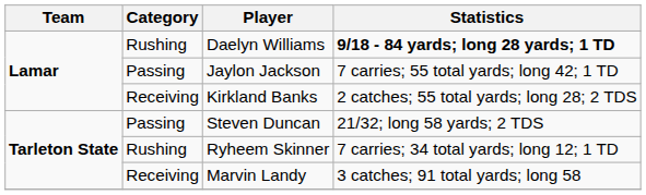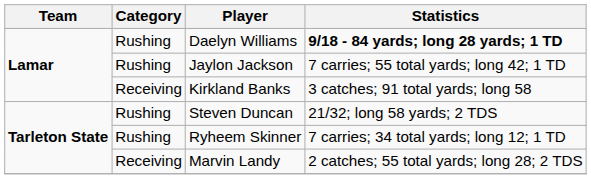 <table class="wikitable" style="float: right;">
 <tr>
 <th>Team</th>
 <th>Category</th>
 <th>Player</th>
 <th>Statistics</th>
 </tr>
 <tr>
 <td rowspan=3><strong>Lamar</strong></td>
 <td>Rushing</td>
 <td>Daelyn Williams</td>
 <td><strong>9/18 - 84 yards; long 28 yards; 1 TD</strong></td>
 </tr>
 <tr>
-<td>Passing</td>
+<td>Rushing</td>
 <td>Jaylon Jackson</td>
 <td>7 carries; 55 total yards; long 42; 1 TD</td>
 </tr>
 <tr>
 <td>Receiving</td>
 <td>Kirkland Banks</td>
-<td>2 catches; 55 total yards; long 28; 2 TDS</td>
+<td>3 catches; 91 total yards; long 58</td>
 </tr>
 <tr>
 <td rowspan=3><strong>Tarleton State</strong></td>
-<td>Passing</td>
+<td>Rushing</td>
 <td>Steven Duncan</td>
 <td>21/32; long 58 yards; 2 TDS</td>
 </tr>
 <tr>
 <td>Rushing</td>
 <td>Ryheem Skinner</td>
 <td>7 carries; 34 total yards; long 12; 1 TD</td>
 </tr>
 <tr>
 <td>Receiving</td>
 <td>Marvin Landy</td>
-<td>3 catches; 91 total yards; long 58</td>
+<td>2 catches; 55 total yards; long 28; 2 TDS</td>
 </tr>
 <tr>
 </tr>
 </table>
